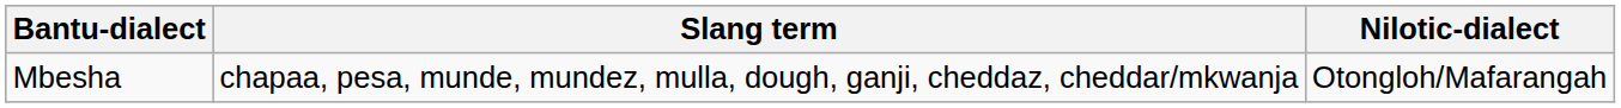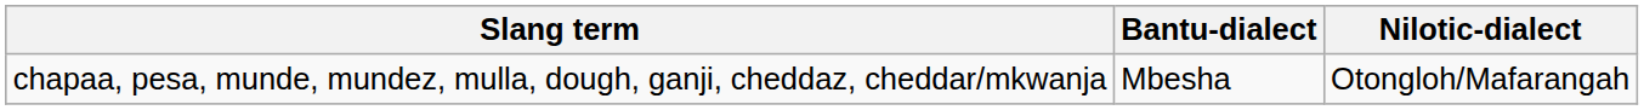 <table class="wikitable">
 <tr>
+<th>Slang term</th>
 <th>Bantu-dialect</th>
-<th>Slang term</th>
 <th>Nilotic-dialect</th>
 </tr>
 <tr>
+<td>chapaa, pesa, munde, mundez, mulla, dough, ganji, cheddaz, cheddar/mkwanja</td>
 <td>Mbesha</td>
-<td>chapaa, pesa, munde, mundez, mulla, dough, ganji, cheddaz, cheddar/mkwanja</td>
 <td>Otongloh/Mafarangah</td>
 </tr>
 </table>
